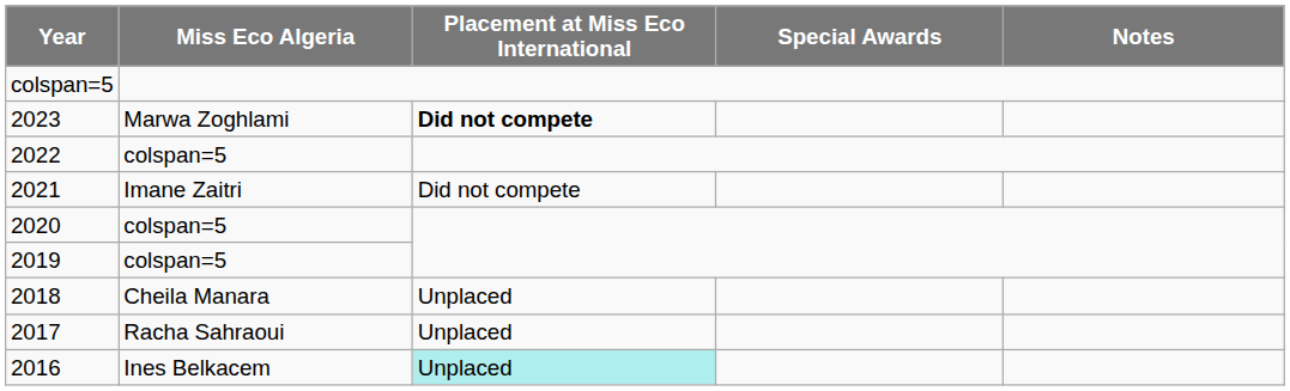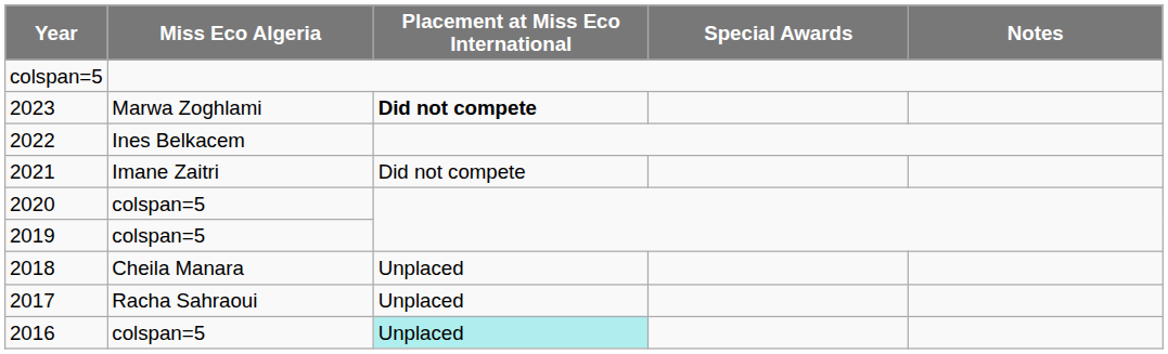 <table class="wikitable " style="font-size: 95%;">
 <tr>
 <th width="60" style="background-color:#787878;color:#FFFFFF;">Year</th>
 <th width="250" style="background-color:#787878;color:#FFFFFF;">Miss Eco Algeria</th>
 <th width="250" style="background-color:#787878;color:#FFFFFF;">Placement at Miss Eco International</th>
 <th width="250" style="background-color:#787878;color:#FFFFFF;">Special Awards</th>
 <th width="250" style="background-color:#787878;color:#FFFFFF;">Notes</th>
 </tr>
 <tr>
 <td>colspan=5 </td>
 </tr>
 <tr>
 <td>2023</td>
 <td>Marwa Zoghlami</td>
 <td><strong>Did not compete</strong></td>
 <td></td>
 <td></td>
 </tr>
 <tr>
 <td>2022</td>
-<td>colspan=5 </td>
+<td>Ines Belkacem</td>
 </tr>
 <tr>
 <td>2021</td>
 <td>Imane Zaitri</td>
 <td>Did not compete</td>
 <td></td>
 <td></td>
 </tr>
 <tr>
 <td>2020</td>
 <td>colspan=5 </td>
 </tr>
 <tr>
 <td>2019</td>
 <td>colspan=5 </td>
 </tr>
 <tr>
 <td>2018</td>
 <td>Cheila Manara</td>
 <td>Unplaced</td>
 <td></td>
 <td></td>
 </tr>
 <tr>
 <td>2017</td>
 <td>Racha Sahraoui</td>
 <td>Unplaced</td>
 <td></td>
 <td></td>
 </tr>
 <tr>
 <td>2016</td>
-<td>Ines Belkacem</td>
+<td>colspan=5 </td>
 <td style="background: paleturquoise;">Unplaced</td>
 <td></td>
 <td></td>
 </tr>
 </table>
